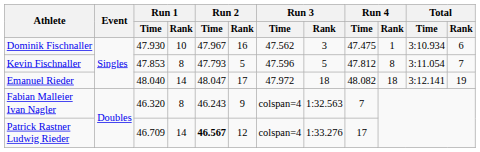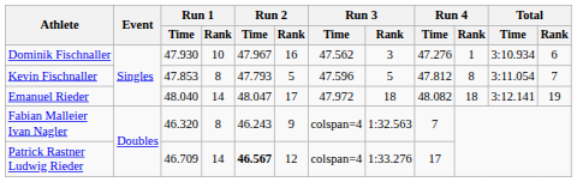 <table class="wikitable" style="font-size:90%">
 <tr>
 <th rowspan="2">Athlete</th>
 <th rowspan="2">Event</th>
 <th colspan=2>Run 1</th>
 <th colspan=2>Run 2</th>
 <th colspan=2>Run 3</th>
 <th colspan=2>Run 4</th>
 <th colspan=2>Total</th>
 </tr>
 <tr style="font-size:95%">
 <th>Time</th>
 <th>Rank</th>
 <th>Time</th>
 <th>Rank</th>
 <th>Time</th>
 <th>Rank</th>
 <th>Time</th>
 <th>Rank</th>
 <th>Time</th>
 <th>Rank</th>
 </tr>
 <tr align=center>
 <td align=left><a href='#'>Dominik Fischnaller</a></td>
 <td align=left rowspan=3><a href='#'>Singles</a></td>
 <td>47.930</td>
 <td>10</td>
 <td>47.967</td>
 <td>16</td>
 <td>47.562</td>
 <td>3</td>
-<td>47.475</td>
+<td>47.276</td>
 <td>1</td>
 <td>3:10.934</td>
 <td>6</td>
 </tr>
 <tr align=center>
 <td align=left><a href='#'>Kevin Fischnaller</a></td>
 <td>47.853</td>
 <td>8</td>
 <td>47.793</td>
 <td>5</td>
 <td>47.596</td>
 <td>5</td>
 <td>47.812</td>
 <td>8</td>
 <td>3:11.054</td>
 <td>7</td>
 </tr>
 <tr align=center>
 <td align=left><a href='#'>Emanuel Rieder</a></td>
 <td>48.040</td>
 <td>14</td>
 <td>48.047</td>
 <td>17</td>
 <td>47.972</td>
 <td>18</td>
 <td>48.082</td>
 <td>18</td>
 <td>3:12.141</td>
 <td>19</td>
 </tr>
 <tr align=center>
 <td align=left><a href='#'>Fabian Malleier</a><br><a href='#'>Ivan Nagler</a></td>
 <td align=left rowspan=2><a href='#'>Doubles</a></td>
 <td>46.320</td>
 <td>8</td>
 <td>46.243</td>
 <td>9</td>
 <td>colspan=4 </td>
 <td>1:32.563</td>
 <td>7</td>
 </tr>
 <tr align=center>
 <td align=left><a href='#'>Patrick Rastner</a><br><a href='#'>Ludwig Rieder</a></td>
 <td>46.709</td>
 <td>14</td>
 <td><strong>46.567</strong></td>
 <td>12</td>
 <td>colspan=4 </td>
 <td>1:33.276</td>
 <td>17</td>
 </tr>
 </table>
